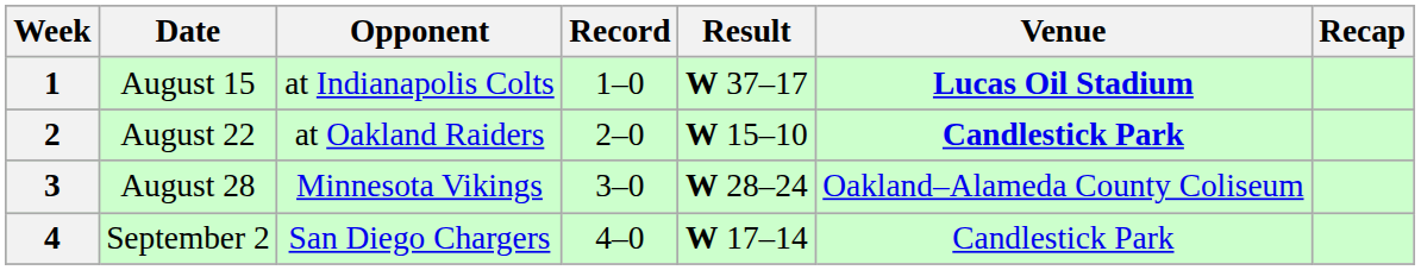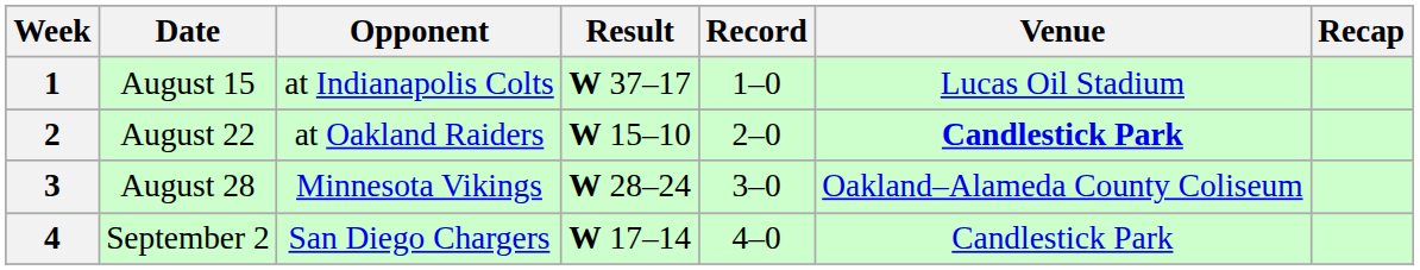 <table class="wikitable" style="text-align:center;">
 <tr>
 <th>Week</th>
 <th>Date</th>
 <th>Opponent</th>
+<th>Result</th>
 <th>Record</th>
-<th>Result</th>
 <th>Venue</th>
 <th>Recap</th>
 </tr>
 <tr style="background:#cfc;">
 <th>1</th>
 <td>August 15</td>
 <td>at <a href='#'>Indianapolis Colts</a></td>
+<td><strong>W</strong> 37–17</td>
 <td>1–0</td>
-<td><strong>W</strong> 37–17</td>
-<td><strong><a href='#'>Lucas Oil Stadium</a></strong></td>
+<td><a href='#'>Lucas Oil Stadium</a></td>
 <td></td>
 </tr>
 <tr style="background:#cfc;">
 <th>2</th>
 <td>August 22</td>
 <td>at <a href='#'>Oakland Raiders</a></td>
+<td><strong>W</strong> 15–10</td>
 <td>2–0</td>
-<td><strong>W</strong> 15–10</td>
 <td><strong><a href='#'>Candlestick Park</a></strong></td>
 <td></td>
 </tr>
 <tr style="background:#cfc;">
 <th>3</th>
 <td>August 28</td>
 <td><a href='#'>Minnesota Vikings</a></td>
+<td><strong>W</strong> 28–24</td>
 <td>3–0</td>
-<td><strong>W</strong> 28–24</td>
 <td><a href='#'>Oakland–Alameda County Coliseum</a></td>
 <td></td>
 </tr>
 <tr style="background:#cfc;">
 <th>4</th>
 <td>September 2</td>
 <td><a href='#'>San Diego Chargers</a></td>
+<td><strong>W</strong> 17–14</td>
 <td>4–0</td>
-<td><strong>W</strong> 17–14</td>
 <td><a href='#'>Candlestick Park</a></td>
 <td></td>
 </tr>
 </table>
